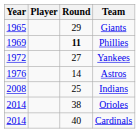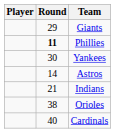 <table class="wikitable sortable">
 <tr>
-<th width=px>Year</th>
 <th width=px>Player</th>
 <th width=px>Round</th>
 <th width=px>Team</th>
 </tr>
 <tr valign="center">
-<td align="center"><a href='#'>1965</a></td>
 <td align="center"></td>
 <td align="center">29</td>
 <td align="center"><a href='#'>Giants</a></td>
 </tr>
 <tr valign="center">
-<td align="center"><a href='#'>1969</a></td>
 <td align="center"></td>
 <td align="center"><strong>11</strong></td>
 <td align="center"><a href='#'>Phillies</a></td>
 </tr>
 <tr valign="center">
-<td align="center"><a href='#'>1972</a></td>
 <td align="center"></td>
-<td align="center">27</td>
+<td align="center">30</td>
 <td align="center"><a href='#'>Yankees</a></td>
 </tr>
 <tr valign="center">
-<td align="center"><a href='#'>1976</a></td>
 <td align="center"></td>
 <td align="center">14</td>
 <td align="center"><a href='#'>Astros</a></td>
 </tr>
 <tr valign="center">
-<td align="center"><a href='#'>2008</a></td>
 <td align="center"></td>
-<td align="center">25</td>
+<td align="center">21</td>
 <td align="center"><a href='#'>Indians</a></td>
 </tr>
 <tr valign="center">
-<td align="center"><a href='#'>2014</a></td>
 <td align="center"></td>
 <td align="center">38</td>
 <td align="center"><a href='#'>Orioles</a></td>
 </tr>
 <tr valign="center">
-<td align="center"><a href='#'>2014</a></td>
 <td align="center"></td>
 <td align="center">40</td>
 <td align="center"><a href='#'>Cardinals</a></td>
 </tr>
 </table>
